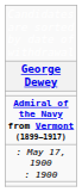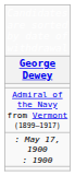 <table class="wikitable" style="font-size:90%">
 <tr>
 <td colspan="1" style="text-align:center; font-size:120%; color:white; background:"><em>Candidates are sorted by date of withdrawal</em></td>
 </tr>
 <tr>
 <th scope="col" style="width:3em; font-size:120%;"><a href='#'>George Dewey</a></th>
 </tr>
 <tr>
 <td></td>
 </tr>
 <tr style="text-align:center">
-<td><strong><a href='#'>Admiral of the Navy</a> from <a href='#'>Vermont</a> <small>(1899–1917)</small></strong></td>
+<td><a href='#'>Admiral of the Navy</a> from <a href='#'>Vermont</a> <small>(1899–1917)</small></td>
 </tr>
 <tr style="text-align:center">
 <td><em>: May 17, 1900</em><br><em>: 1900</em></td>
 </tr>
 <tr>
 <td></td>
 </tr>
 </table>
